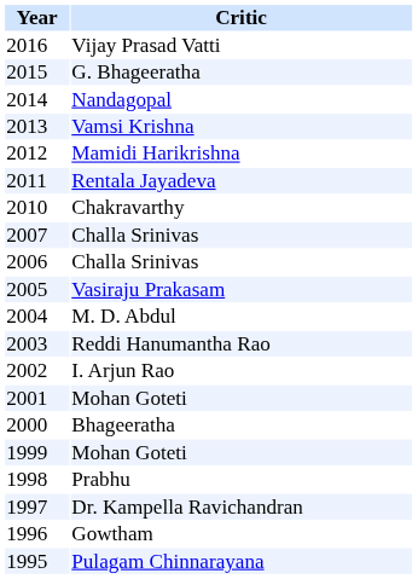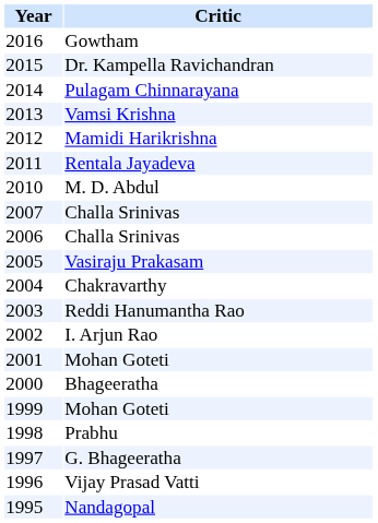 <table cellspacing="1" cellpadding="1" border="0" width="20%">
 <tr bgcolor="#d1e4fd">
 <th>Year</th>
 <th>Critic</th>
 </tr>
 <tr>
 <td>2016</td>
-<td>Vijay Prasad Vatti</td>
+<td>Gowtham</td>
 </tr>
 <tr bgcolor=#edf3fe>
 <td>2015</td>
-<td>G. Bhageeratha</td>
+<td>Dr. Kampella Ravichandran</td>
 </tr>
 <tr>
 <td>2014</td>
-<td><a href='#'>Nandagopal</a></td>
+<td><a href='#'>Pulagam Chinnarayana</a></td>
 </tr>
 <tr bgcolor=#edf3fe>
 <td>2013</td>
 <td><a href='#'>Vamsi Krishna</a></td>
 </tr>
 <tr>
 <td>2012</td>
 <td><a href='#'>Mamidi Harikrishna</a></td>
 </tr>
 <tr bgcolor=#edf3fe>
 <td>2011</td>
 <td><a href='#'>Rentala Jayadeva</a></td>
 </tr>
 <tr>
 <td>2010</td>
-<td>Chakravarthy</td>
+<td>M. D. Abdul</td>
 </tr>
 <tr bgcolor=#edf3fe>
 <td>2007</td>
 <td>Challa Srinivas</td>
 </tr>
 <tr>
 <td>2006</td>
 <td>Challa Srinivas</td>
 </tr>
 <tr bgcolor=#edf3fe>
 <td>2005</td>
 <td><a href='#'>Vasiraju Prakasam</a></td>
 </tr>
 <tr>
 <td>2004</td>
-<td>M. D. Abdul</td>
+<td>Chakravarthy</td>
 </tr>
 <tr bgcolor=#edf3fe>
 <td>2003</td>
 <td>Reddi Hanumantha Rao</td>
 </tr>
 <tr>
 <td>2002</td>
 <td>I. Arjun Rao</td>
 </tr>
 <tr bgcolor=#edf3fe>
 <td>2001</td>
 <td>Mohan Goteti</td>
 </tr>
 <tr>
 <td>2000</td>
 <td>Bhageeratha</td>
 </tr>
 <tr bgcolor=#edf3fe>
 <td>1999</td>
 <td>Mohan Goteti</td>
 </tr>
 <tr>
 <td>1998</td>
 <td>Prabhu</td>
 </tr>
 <tr bgcolor=#edf3fe>
 <td>1997</td>
-<td>Dr. Kampella Ravichandran</td>
+<td>G. Bhageeratha</td>
 </tr>
 <tr>
 <td>1996</td>
-<td>Gowtham</td>
+<td>Vijay Prasad Vatti</td>
 </tr>
 <tr bgcolor=#edf3fe>
 <td>1995</td>
-<td><a href='#'>Pulagam Chinnarayana</a></td>
+<td><a href='#'>Nandagopal</a></td>
 </tr>
 <tr>
 </tr>
 </table>
